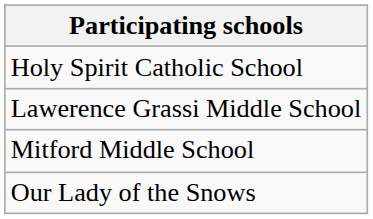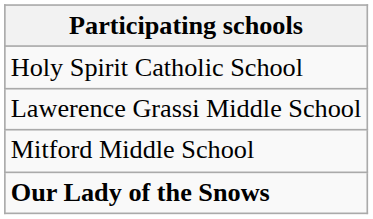 <table class="wikitable" align=right>
 <tr>
 <th>Participating schools</th>
 </tr>
 <tr>
 <td>Holy Spirit Catholic School</td>
 </tr>
 <tr>
 <td>Lawerence Grassi Middle School</td>
 </tr>
 <tr>
 <td>Mitford Middle School</td>
 </tr>
 <tr>
-<td>Our Lady of the Snows</td>
+<td><strong>Our Lady of the Snows</strong></td>
 </tr>
 </table>
